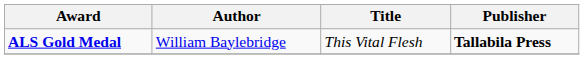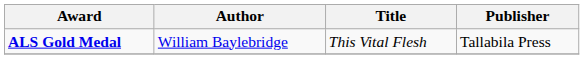 <table class="wikitable" width=95%>
 <tr>
 <th>Award</th>
 <th>Author</th>
 <th>Title</th>
 <th>Publisher</th>
 </tr>
 <tr>
 <td><strong><a href='#'>ALS Gold Medal</a></strong></td>
 <td><a href='#'>William Baylebridge</a></td>
 <td><em>This Vital Flesh</em></td>
-<td><strong>Tallabila Press</strong></td>
+<td>Tallabila Press</td>
 </tr>
 <tr>
 </tr>
 </table>
